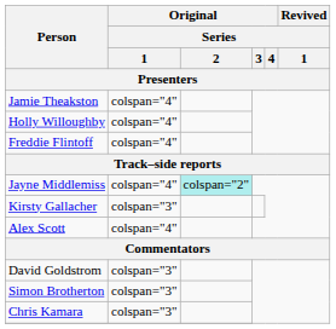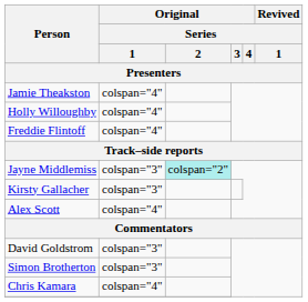 <table class="wikitable">
 <tr>
 <th rowspan="3">Person</th>
 <th colspan="4">Original</th>
 <th>Revived</th>
 </tr>
 <tr>
 <th colspan="5">Series</th>
 </tr>
 <tr>
 <th>1</th>
 <th>2</th>
 <th>3</th>
 <th>4</th>
 <th>1</th>
 </tr>
 <tr>
 <th colspan="7">Presenters</th>
 </tr>
 <tr>
 <td><a href='#'>Jamie Theakston</a></td>
 <td>colspan="4" </td>
 <td></td>
 </tr>
 <tr>
 <td><a href='#'>Holly Willoughby</a></td>
 <td>colspan="4" </td>
 <td></td>
 </tr>
 <tr>
 <td><a href='#'>Freddie Flintoff</a></td>
 <td>colspan="4" </td>
 <td></td>
 </tr>
 <tr>
 <th colspan="6">Track–side reports</th>
 </tr>
 <tr>
 <td><a href='#'>Jayne Middlemiss</a></td>
-<td>colspan="4" </td>
+<td>colspan="3" </td>
 <td style="background: paleturquoise;">colspan="2" </td>
 </tr>
 <tr>
 <td><a href='#'>Kirsty Gallacher</a></td>
 <td>colspan="3" </td>
 <td></td>
 <td></td>
 </tr>
 <tr>
 <td><a href='#'>Alex Scott</a></td>
 <td>colspan="4" </td>
 <td></td>
 </tr>
 <tr>
 <th colspan="6">Commentators</th>
 </tr>
 <tr>
 <td>David Goldstrom</td>
 <td>colspan="3" </td>
 <td></td>
 </tr>
 <tr>
 <td><a href='#'>Simon Brotherton</a></td>
 <td>colspan="3" </td>
 <td></td>
 </tr>
 <tr>
 <td><a href='#'>Chris Kamara</a></td>
-<td>colspan="3" </td>
+<td>colspan="4" </td>
 <td></td>
 </tr>
 <tr>
 </tr>
 </table>
